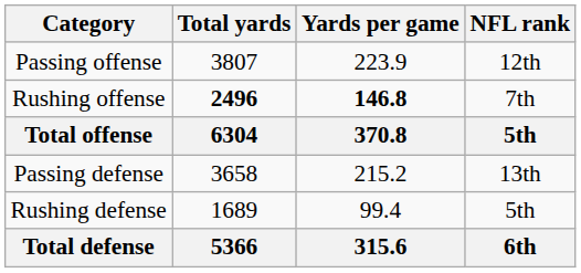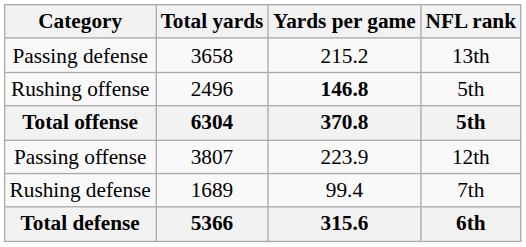 <table class="wikitable" style="text-align:center">
 <tr>
 <th>Category</th>
 <th>Total yards</th>
 <th>Yards per game</th>
 <th>NFL rank<br></th>
 </tr>
 <tr>
-<td>Passing offense</td>
-<td>3807</td>
-<td>223.9</td>
-<td>12th</td>
+<td>Passing defense</td>
+<td>3658</td>
+<td>215.2</td>
+<td>13th</td>
 </tr>
 <tr>
 <td>Rushing offense</td>
-<td><strong>2496</strong></td>
+<td>2496</td>
 <td><strong>146.8</strong></td>
-<td>7th</td>
+<td>5th</td>
 </tr>
 <tr>
 <th>Total offense</th>
 <th>6304</th>
 <th>370.8</th>
 <th>5th</th>
 </tr>
 <tr>
-<td>Passing defense</td>
-<td>3658</td>
-<td>215.2</td>
-<td>13th</td>
+<td>Passing offense</td>
+<td>3807</td>
+<td>223.9</td>
+<td>12th</td>
 </tr>
 <tr>
 <td>Rushing defense</td>
 <td>1689</td>
 <td>99.4</td>
-<td>5th</td>
+<td>7th</td>
 </tr>
 <tr>
 <th>Total defense</th>
 <th>5366</th>
 <th>315.6</th>
 <th>6th</th>
 </tr>
 </table>
